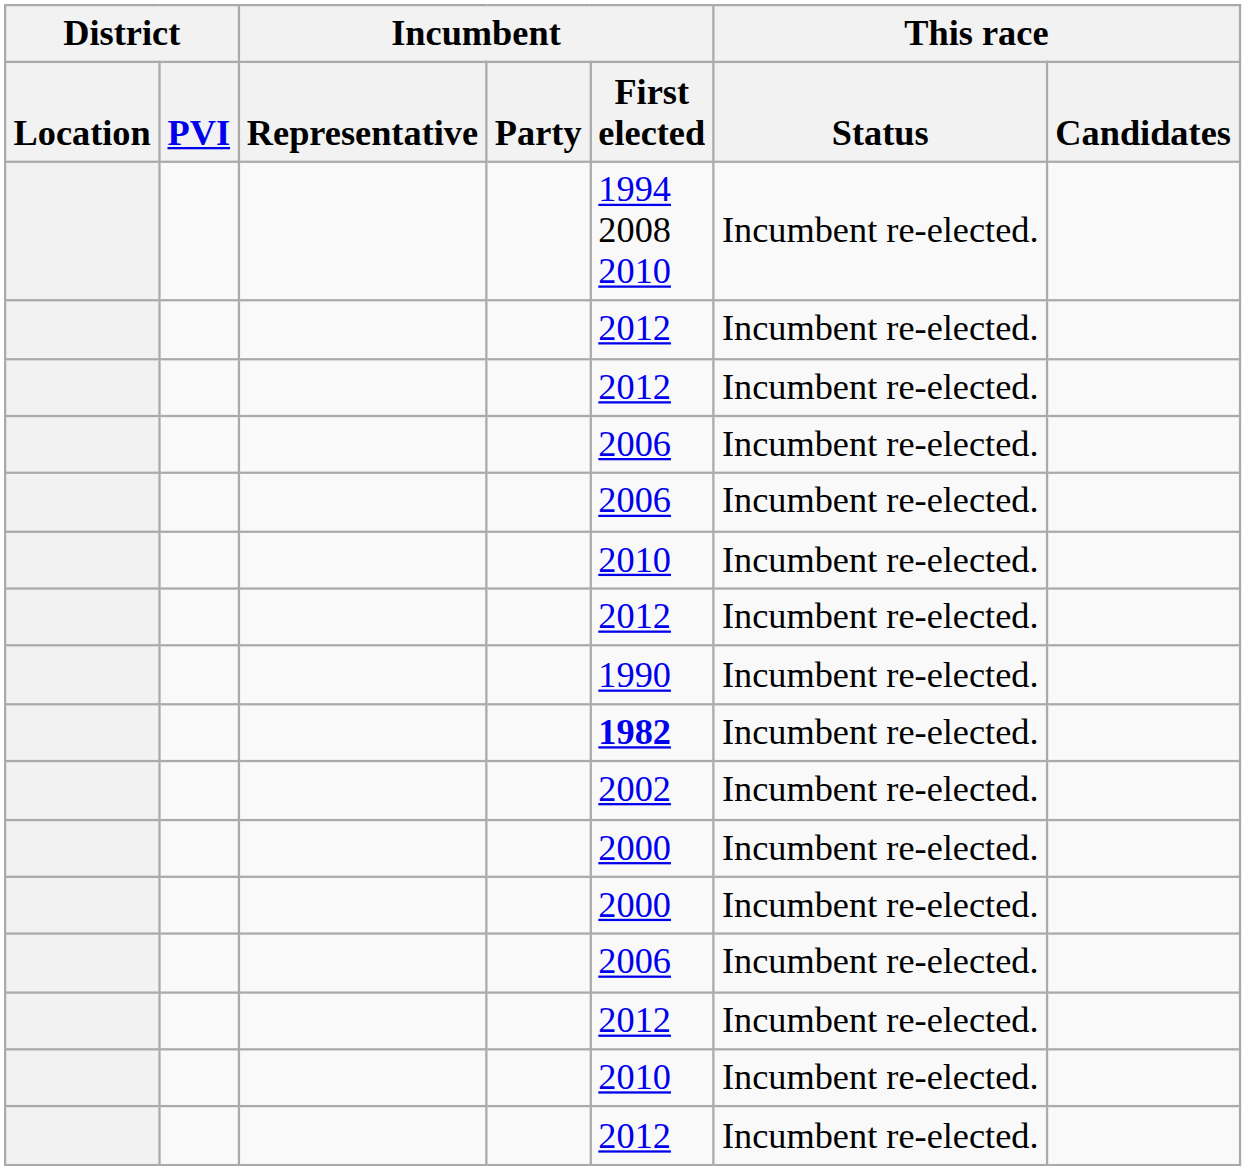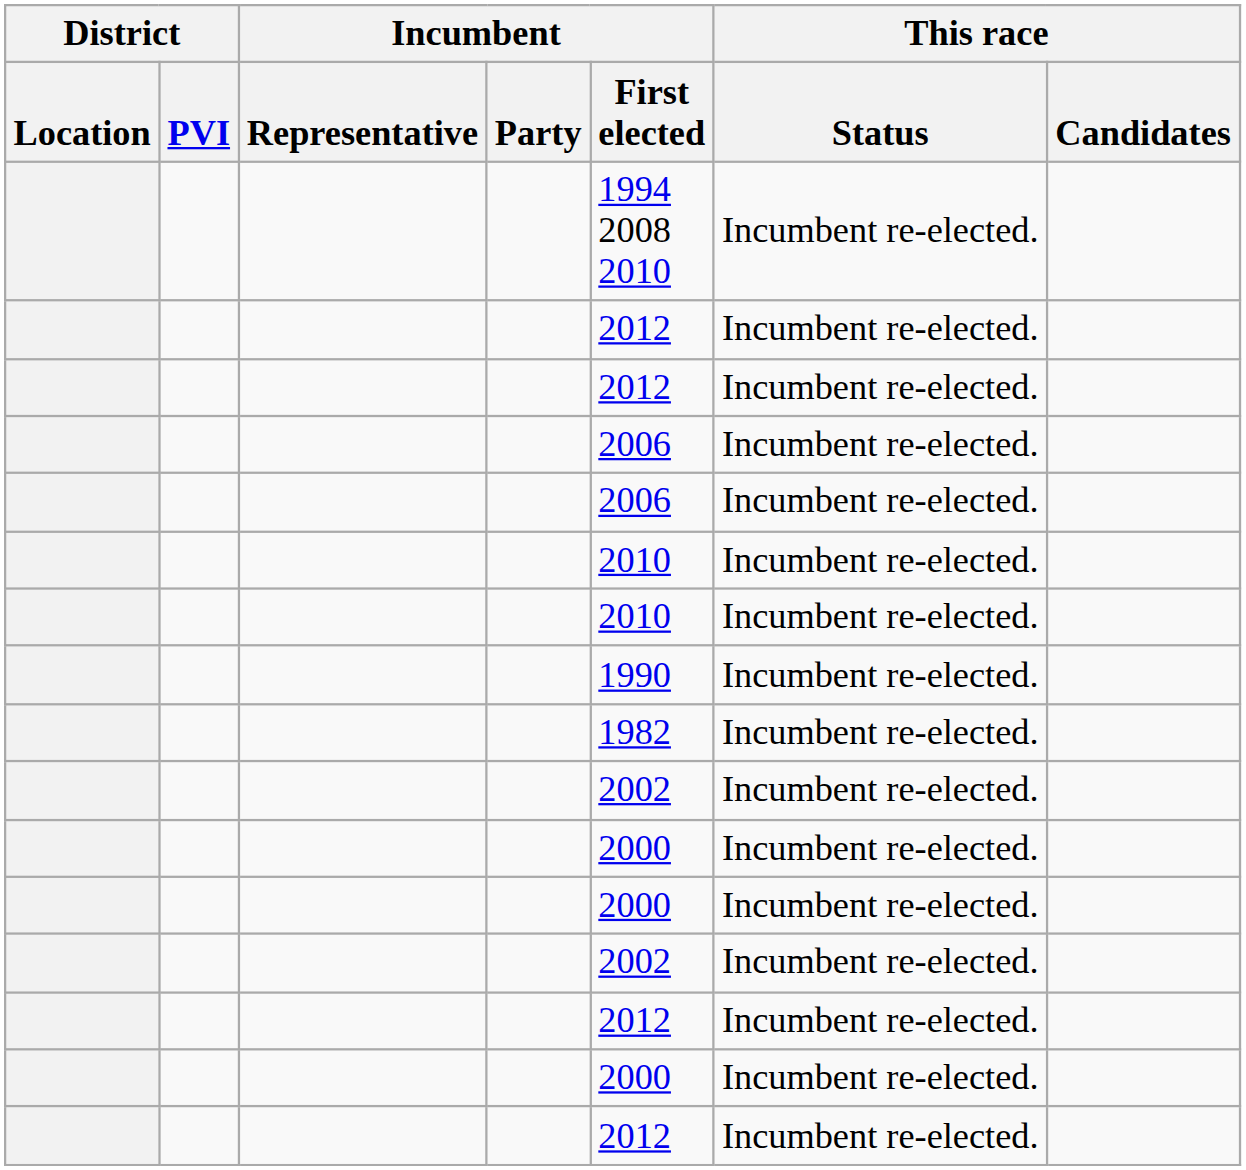 <table class="wikitable sortable">
 <tr valign=bottom>
 <th colspan=2>District</th>
 <th colspan=3>Incumbent</th>
 <th colspan=2>This race</th>
 </tr>
 <tr valign=bottom>
 <th>Location</th>
 <th><a href='#'>PVI</a></th>
 <th>Representative</th>
 <th>Party</th>
 <th>First<br>elected</th>
 <th>Status</th>
 <th>Candidates</th>
 </tr>
 <tr>
 <th></th>
 <td></td>
 <td></td>
 <td></td>
 <td><a href='#'>1994</a><br>2008 <br><a href='#'>2010</a></td>
 <td>Incumbent re-elected.</td>
 <td nowrap></td>
 </tr>
 <tr>
 <th></th>
 <td></td>
 <td></td>
 <td></td>
 <td><a href='#'>2012</a></td>
 <td>Incumbent re-elected.</td>
 <td nowrap></td>
 </tr>
 <tr>
 <th></th>
 <td></td>
 <td></td>
 <td></td>
 <td><a href='#'>2012</a></td>
 <td>Incumbent re-elected.</td>
 <td nowrap></td>
 </tr>
 <tr>
 <th></th>
 <td></td>
 <td></td>
 <td></td>
 <td><a href='#'>2006</a></td>
 <td>Incumbent re-elected.</td>
 <td nowrap></td>
 </tr>
 <tr>
 <th></th>
 <td></td>
 <td></td>
 <td></td>
 <td><a href='#'>2006</a></td>
 <td>Incumbent re-elected.</td>
 <td nowrap></td>
 </tr>
 <tr>
 <th></th>
 <td></td>
 <td></td>
 <td></td>
 <td><a href='#'>2010</a></td>
 <td>Incumbent re-elected.</td>
 <td nowrap></td>
 </tr>
 <tr>
 <th></th>
 <td></td>
 <td></td>
 <td></td>
-<td><a href='#'>2012</a></td>
+<td><a href='#'>2010</a></td>
 <td>Incumbent re-elected.</td>
 <td nowrap></td>
 </tr>
 <tr>
 <th></th>
 <td></td>
 <td></td>
 <td></td>
 <td><a href='#'>1990</a></td>
 <td>Incumbent re-elected.</td>
 <td nowrap></td>
 </tr>
 <tr>
 <th></th>
 <td></td>
 <td></td>
 <td></td>
-<td><strong><a href='#'>1982</a></strong></td>
+<td><a href='#'>1982</a></td>
 <td>Incumbent re-elected.</td>
 <td nowrap></td>
 </tr>
 <tr>
 <th></th>
 <td></td>
 <td></td>
 <td></td>
 <td><a href='#'>2002</a></td>
 <td>Incumbent re-elected.</td>
 <td nowrap></td>
 </tr>
 <tr>
 <th></th>
 <td></td>
 <td></td>
 <td></td>
 <td><a href='#'>2000</a></td>
 <td>Incumbent re-elected.</td>
 <td nowrap></td>
 </tr>
 <tr>
 <th></th>
 <td></td>
 <td></td>
 <td></td>
 <td><a href='#'>2000</a></td>
 <td>Incumbent re-elected.</td>
 <td nowrap></td>
 </tr>
 <tr>
 <th></th>
 <td></td>
 <td></td>
 <td></td>
-<td><a href='#'>2006</a></td>
+<td><a href='#'>2002</a></td>
 <td>Incumbent re-elected.</td>
 <td nowrap></td>
 </tr>
 <tr>
 <th></th>
 <td></td>
 <td></td>
 <td></td>
 <td><a href='#'>2012</a></td>
 <td>Incumbent re-elected.</td>
 <td nowrap></td>
 </tr>
 <tr>
 <th></th>
 <td></td>
 <td></td>
 <td></td>
-<td><a href='#'>2010</a></td>
+<td><a href='#'>2000</a></td>
 <td>Incumbent re-elected.</td>
 <td nowrap></td>
 </tr>
 <tr>
 <th></th>
 <td></td>
 <td></td>
 <td></td>
 <td><a href='#'>2012</a></td>
 <td>Incumbent re-elected.</td>
 <td nowrap></td>
 </tr>
 </table>
